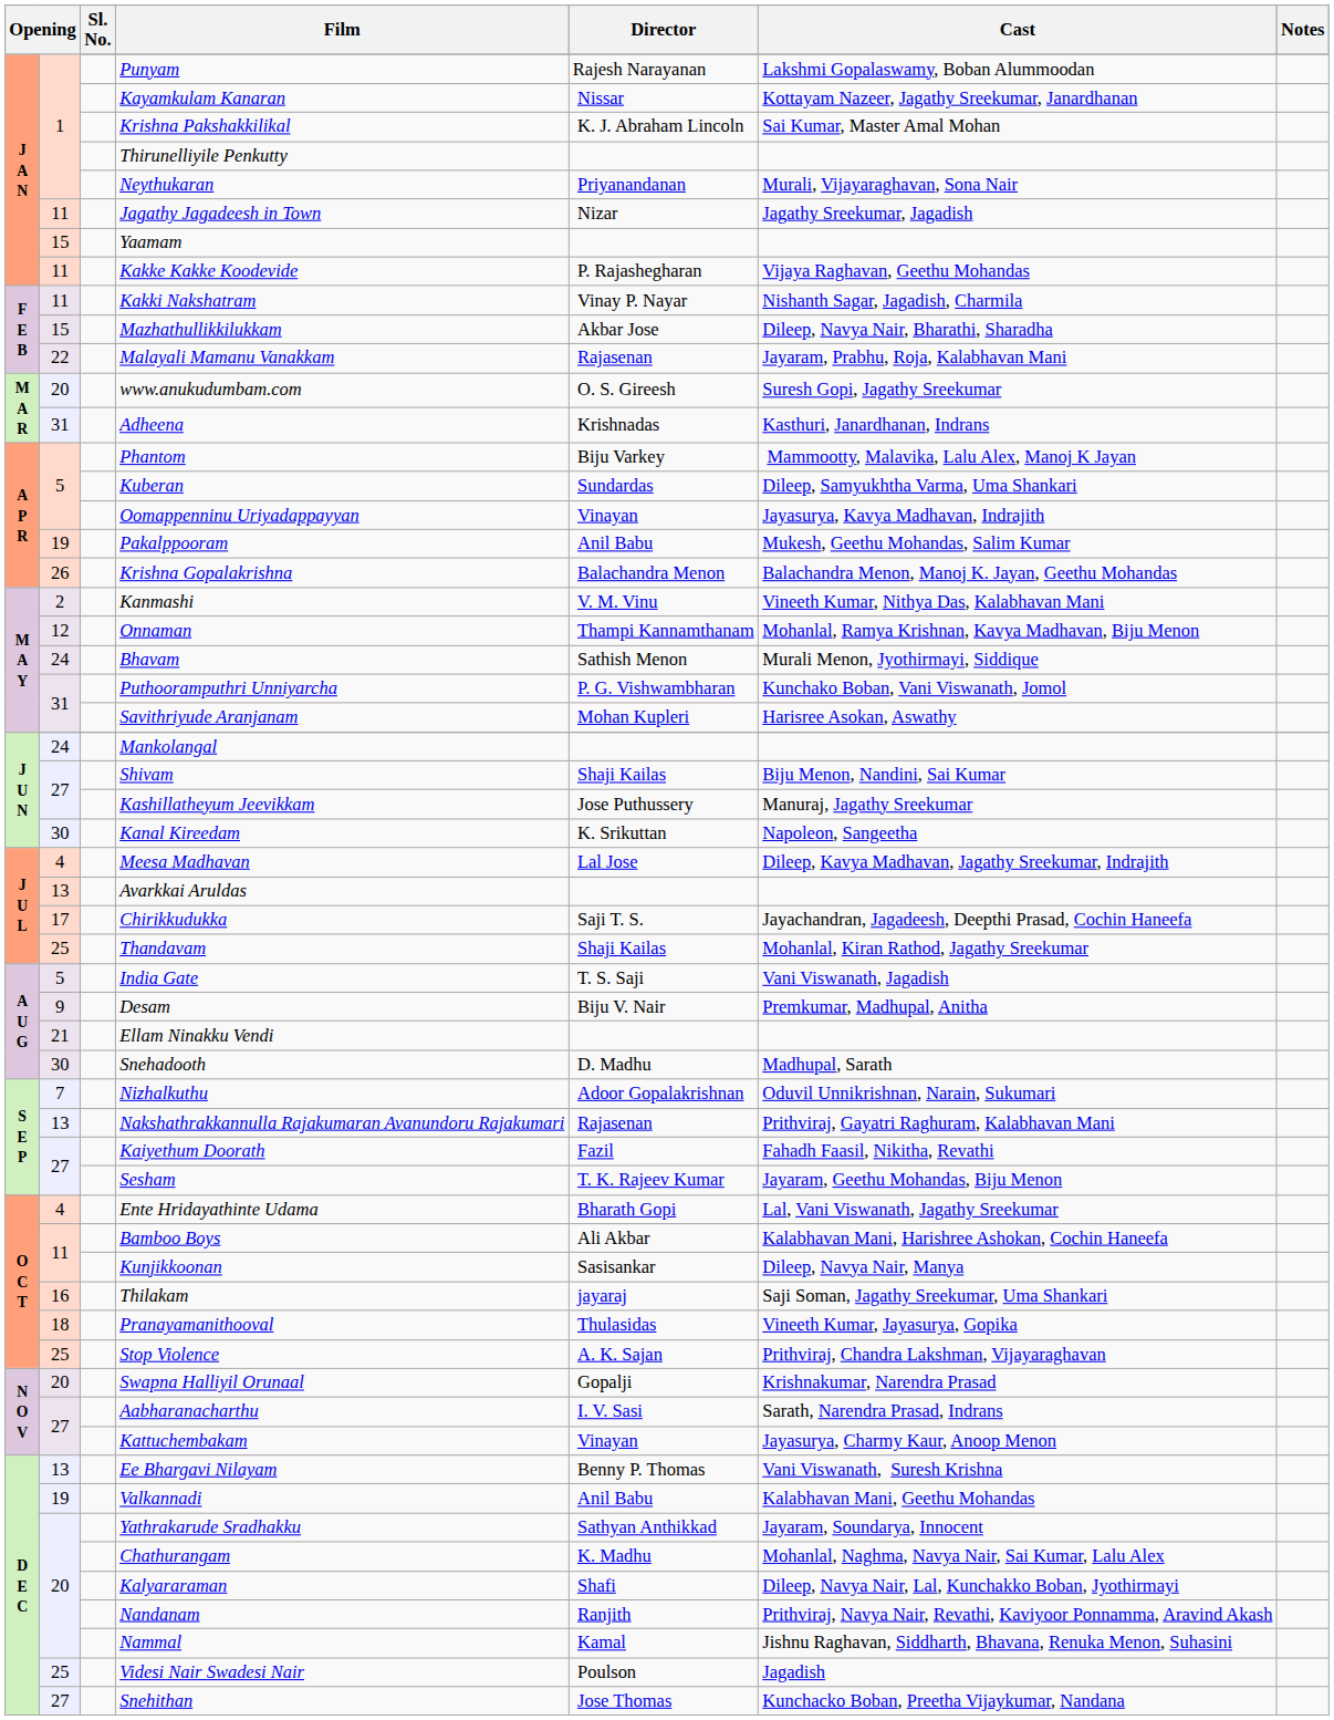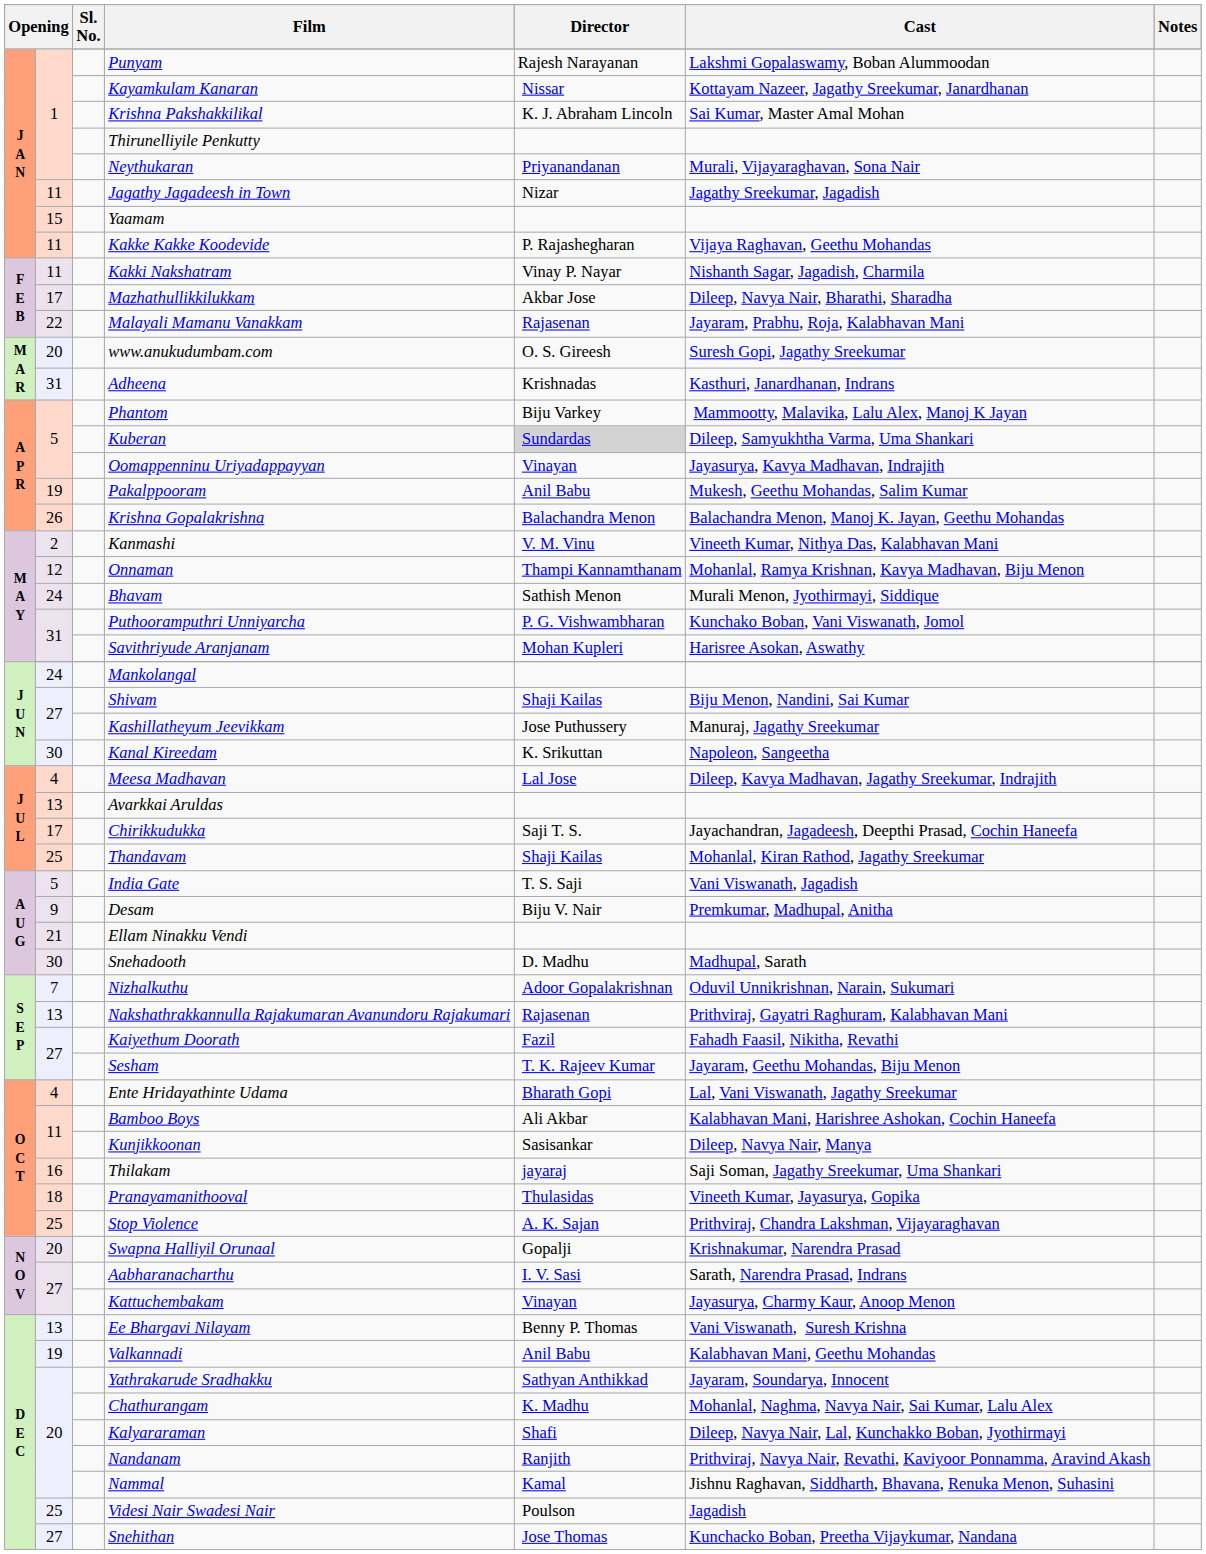 <table class="wikitable">
 <tr style="background:#000;">
 <th colspan='2'>Opening</th>
 <th>Sl.<br>No.</th>
 <th>Film</th>
 <th>Director</th>
 <th>Cast</th>
 <th>Notes</th>
 </tr>
 <tr>
 <td rowspan="8" style="text-align:center; background:#ffa07a; textcolor:#000;"><small><strong>J<br>A<br>N</strong></small></td>
 <td rowspan="5" style="text-align:center; background:#ffdacc; textcolor:#000;">1</td>
 <td valign="center"></td>
 <td><em><a href='#'>Punyam</a></em></td>
 <td>Rajesh Narayanan</td>
 <td><a href='#'>Lakshmi Gopalaswamy</a>, Boban Alummoodan</td>
 <td></td>
 </tr>
 <tr>
 <td valign="center"></td>
 <td><em><a href='#'>Kayamkulam Kanaran</a></em></td>
 <td> <a href='#'>Nissar</a></td>
 <td><a href='#'>Kottayam Nazeer</a>, <a href='#'>Jagathy Sreekumar</a>, <a href='#'>Janardhanan</a></td>
 <td></td>
 </tr>
 <tr>
 <td valign="center"></td>
 <td><em><a href='#'>Krishna Pakshakkilikal</a></em></td>
 <td> K. J. Abraham Lincoln</td>
 <td><a href='#'>Sai Kumar</a>, Master Amal Mohan</td>
 <td></td>
 </tr>
 <tr>
 <td valign="center"></td>
 <td><em>Thirunelliyile Penkutty</em></td>
 <td></td>
 <td></td>
 <td></td>
 </tr>
 <tr>
 <td valign="center"></td>
 <td><em><a href='#'>Neythukaran</a></em></td>
 <td> <a href='#'>Priyanandanan</a></td>
 <td><a href='#'>Murali</a>, <a href='#'>Vijayaraghavan</a>, <a href='#'>Sona Nair</a></td>
 <td></td>
 </tr>
 <tr>
 <td rowspan="1" style="text-align:center; background:#ffdacc; textcolor:#000;">11</td>
 <td valign="center"></td>
 <td><em><a href='#'>Jagathy Jagadeesh in Town</a></em></td>
 <td> Nizar</td>
 <td><a href='#'>Jagathy Sreekumar</a>, <a href='#'>Jagadish</a></td>
 <td></td>
 </tr>
 <tr>
 <td rowspan="1" style="text-align:center; background:#ffdacc; textcolor:#000;">15</td>
 <td valign="center"></td>
 <td><em>Yaamam</em></td>
 <td></td>
 <td></td>
 <td></td>
 </tr>
 <tr>
 <td rowspan="1" style="text-align:center; background:#ffdacc; textcolor:#000;">11</td>
 <td valign="center"></td>
 <td><em><a href='#'>Kakke Kakke Koodevide</a></em></td>
 <td> P. Rajashegharan</td>
 <td><a href='#'>Vijaya Raghavan</a>, <a href='#'>Geethu Mohandas</a></td>
 <td></td>
 </tr>
 <tr>
 <td rowspan="3" style="text-align:center; background:#dcc7df; textcolor:#000;"><small><strong>F<br>E<br>B</strong></small></td>
 <td rowspan="1" style="text-align:center; background:#ede3ef; textcolor:#000;">11</td>
 <td valign="center"></td>
 <td><em><a href='#'>Kakki Nakshatram</a></em></td>
 <td> Vinay P. Nayar</td>
 <td><a href='#'>Nishanth Sagar</a>, <a href='#'>Jagadish</a>, <a href='#'>Charmila</a></td>
 <td></td>
 </tr>
 <tr>
-<td rowspan="1" style="text-align:center; background:#ede3ef; textcolor:#000;">15</td>
+<td rowspan="1" style="text-align:center; background:#ede3ef; textcolor:#000;">17</td>
 <td valign="center"></td>
 <td><em><a href='#'>Mazhathullikkilukkam</a></em></td>
 <td> Akbar Jose</td>
 <td><a href='#'>Dileep</a>, <a href='#'>Navya Nair</a>, <a href='#'>Bharathi</a>, <a href='#'>Sharadha</a></td>
 <td></td>
 </tr>
 <tr>
 <td rowspan="1" style="text-align:center; background:#ede3ef; textcolor:#000;">22</td>
 <td valign="center"></td>
 <td><em><a href='#'>Malayali Mamanu Vanakkam</a></em></td>
 <td> <a href='#'>Rajasenan</a></td>
 <td><a href='#'>Jayaram</a>, <a href='#'>Prabhu</a>, <a href='#'>Roja</a>, <a href='#'>Kalabhavan Mani</a></td>
 <td></td>
 </tr>
 <tr>
 <td rowspan="2" style="text-align:center; background:#d0f0c0; textcolor:#000;"><small><strong>M<br>A<br>R</strong></small></td>
 <td rowspan="1" style="text-align:center; background:#edefff; textcolor:#000;">20</td>
 <td valign="center"></td>
 <td><em>www.anukudumbam.com</em></td>
 <td> O. S. Gireesh</td>
 <td><a href='#'>Suresh Gopi</a>, <a href='#'>Jagathy Sreekumar</a></td>
 <td></td>
 </tr>
 <tr>
 <td rowspan="1" style="text-align:center; background:#edefff; textcolor:#000;">31</td>
 <td valign="center"></td>
 <td><em><a href='#'>Adheena</a></em></td>
 <td> Krishnadas</td>
 <td><a href='#'>Kasthuri</a>, <a href='#'>Janardhanan</a>, <a href='#'>Indrans</a></td>
 <td></td>
 </tr>
 <tr>
 <td rowspan="5" style="text-align:center; background:#ffa07a; textcolor:#000;"><small><strong>A<br>P<br>R</strong></small></td>
 <td rowspan="3" style="text-align:center; background:#ffdacc; textcolor:#000;">5</td>
 <td valign="center"></td>
 <td><em><a href='#'>Phantom</a></em></td>
 <td> Biju Varkey</td>
 <td> <a href='#'>Mammootty</a>, <a href='#'>Malavika</a>, <a href='#'>Lalu Alex</a>, <a href='#'>Manoj K Jayan</a></td>
 <td></td>
 </tr>
 <tr>
 <td valign="center"></td>
 <td><em><a href='#'>Kuberan</a></em></td>
-<td> <a href='#'>Sundardas</a></td>
+<td style="background: lightgrey;"> <a href='#'>Sundardas</a></td>
 <td><a href='#'>Dileep</a>, <a href='#'>Samyukhtha Varma</a>, <a href='#'>Uma Shankari</a></td>
 <td></td>
 </tr>
 <tr>
 <td valign="center"></td>
 <td><em><a href='#'>Oomappenninu Uriyadappayyan</a></em></td>
 <td> <a href='#'>Vinayan</a></td>
 <td><a href='#'>Jayasurya</a>, <a href='#'>Kavya Madhavan</a>, <a href='#'>Indrajith</a></td>
 <td></td>
 </tr>
 <tr>
 <td rowspan="1" style="text-align:center; background:#ffdacc; textcolor:#000;">19</td>
 <td valign="center"></td>
 <td><em><a href='#'>Pakalppooram</a></em></td>
 <td> <a href='#'>Anil Babu</a></td>
 <td><a href='#'>Mukesh</a>, <a href='#'>Geethu Mohandas</a>, <a href='#'>Salim Kumar</a></td>
 <td></td>
 </tr>
 <tr>
 <td rowspan="1" style="text-align:center; background:#ffdacc; textcolor:#000;">26</td>
 <td valign="center"></td>
 <td><em><a href='#'>Krishna Gopalakrishna</a></em></td>
 <td> <a href='#'>Balachandra Menon</a></td>
 <td><a href='#'>Balachandra Menon</a>, <a href='#'>Manoj K. Jayan</a>, <a href='#'>Geethu Mohandas</a></td>
 <td></td>
 </tr>
 <tr>
 <td rowspan="5" style="text-align:center; background:#dcc7df; textcolor:#000;"><small><strong>M<br>A<br>Y</strong></small></td>
 <td rowspan="1" style="text-align:center; background:#ede3ef; textcolor:#000;">2</td>
 <td valign="center"></td>
 <td><em>Kanmashi</em></td>
 <td> <a href='#'>V. M. Vinu</a></td>
 <td><a href='#'>Vineeth Kumar</a>, <a href='#'>Nithya Das</a>, <a href='#'>Kalabhavan Mani</a></td>
 <td></td>
 </tr>
 <tr>
 <td rowspan="1" style="text-align:center; background:#ede3ef; textcolor:#000;">12</td>
 <td valign="center"></td>
 <td><em><a href='#'>Onnaman</a></em></td>
 <td> <a href='#'>Thampi Kannamthanam</a></td>
 <td><a href='#'>Mohanlal</a>, <a href='#'>Ramya Krishnan</a>, <a href='#'>Kavya Madhavan</a>, <a href='#'>Biju Menon</a></td>
 <td></td>
 </tr>
 <tr>
 <td rowspan="1" style="text-align:center; background:#ede3ef; textcolor:#000;">24</td>
 <td valign="center"></td>
 <td><em><a href='#'>Bhavam</a></em></td>
 <td> Sathish Menon</td>
 <td>Murali Menon, <a href='#'>Jyothirmayi</a>, <a href='#'>Siddique</a></td>
 <td></td>
 </tr>
 <tr>
 <td rowspan="2" style="text-align:center; background:#ede3ef; textcolor:#000;">31</td>
 <td valign="center"></td>
 <td><em><a href='#'>Puthooramputhri Unniyarcha</a></em></td>
 <td> <a href='#'>P. G. Vishwambharan</a></td>
 <td><a href='#'>Kunchako Boban</a>, <a href='#'>Vani Viswanath</a>, <a href='#'>Jomol</a></td>
 <td></td>
 </tr>
 <tr>
 <td valign="center"></td>
 <td><em><a href='#'>Savithriyude Aranjanam</a></em></td>
 <td> <a href='#'>Mohan Kupleri</a></td>
 <td><a href='#'>Harisree Asokan</a>, <a href='#'>Aswathy</a></td>
 <td></td>
 </tr>
 <tr>
 <td rowspan="5" style="text-align:center; background:#d0f0c0; textcolor:#000;"><small><strong>J<br>U<br>N</strong></small></td>
 </tr>
 <tr>
 <td rowspan="1" style="text-align:center; background:#edefff; textcolor:#000;">24</td>
 <td valign="center"></td>
 <td><em><a href='#'>Mankolangal</a></em></td>
 <td></td>
 <td></td>
 <td></td>
 </tr>
 <tr>
 <td rowspan="2" style="text-align:center; background:#edefff; textcolor:#000;">27</td>
 <td valign="center"></td>
 <td><em><a href='#'>Shivam</a></em></td>
 <td> <a href='#'>Shaji Kailas</a></td>
 <td><a href='#'>Biju Menon</a>, <a href='#'>Nandini</a>, <a href='#'>Sai Kumar</a></td>
 <td></td>
 </tr>
 <tr>
 <td valign="center"></td>
 <td><em><a href='#'>Kashillatheyum Jeevikkam</a></em></td>
 <td> Jose Puthussery</td>
 <td>Manuraj, <a href='#'>Jagathy Sreekumar</a></td>
 <td></td>
 </tr>
 <tr>
 <td rowspan="1" style="text-align:center; background:#edefff; textcolor:#000;">30</td>
 <td valign="center"></td>
 <td><em><a href='#'>Kanal Kireedam</a></em></td>
 <td> K. Srikuttan</td>
 <td><a href='#'>Napoleon</a>, <a href='#'>Sangeetha</a></td>
 <td></td>
 </tr>
 <tr>
 <td rowspan="4" style="text-align:center; background:#ffa07a; textcolor:#000;"><small><strong>J<br>U<br>L</strong></small></td>
 <td rowspan="1" style="text-align:center; background:#ffdacc; textcolor:#000;">4</td>
 <td valign="center"></td>
 <td><em><a href='#'>Meesa Madhavan</a></em></td>
 <td> <a href='#'>Lal Jose</a></td>
 <td><a href='#'>Dileep</a>, <a href='#'>Kavya Madhavan</a>, <a href='#'>Jagathy Sreekumar</a>, <a href='#'>Indrajith</a></td>
 <td></td>
 </tr>
 <tr>
 <td rowspan="1" style="text-align:center; background:#ffdacc; textcolor:#000;">13</td>
 <td></td>
 <td><em>Avarkkai Aruldas</em></td>
 <td></td>
 <td></td>
 <td></td>
 </tr>
 <tr>
 <td rowspan="1" style="text-align:center; background:#ffdacc; textcolor:#000;">17</td>
 <td valign="center"></td>
 <td><em><a href='#'>Chirikkudukka</a></em></td>
 <td> Saji T. S.</td>
 <td>Jayachandran, <a href='#'>Jagadeesh</a>, Deepthi Prasad, <a href='#'>Cochin Haneefa</a></td>
 <td></td>
 </tr>
 <tr>
 <td rowspan="1" style="text-align:center; background:#ffdacc; textcolor:#000;">25</td>
 <td valign="center"></td>
 <td><em><a href='#'>Thandavam</a></em></td>
 <td> <a href='#'>Shaji Kailas</a></td>
 <td><a href='#'>Mohanlal</a>, <a href='#'>Kiran Rathod</a>, <a href='#'>Jagathy Sreekumar</a></td>
 <td></td>
 </tr>
 <tr>
 <td rowspan="4" style="text-align:center; background:#dcc7df; textcolor:#000;"><small><strong>A<br>U<br>G</strong></small></td>
 <td rowspan="1" style="text-align:center; background:#ede3ef; textcolor:#000;">5</td>
 <td valign="center"></td>
 <td><em><a href='#'>India Gate</a></em></td>
 <td> T. S. Saji</td>
 <td><a href='#'>Vani Viswanath</a>, <a href='#'>Jagadish</a></td>
 <td></td>
 </tr>
 <tr>
 <td rowspan="1" style="text-align:center; background:#ede3ef; textcolor:#000;">9</td>
 <td valign="center"></td>
 <td><em>Desam</em></td>
 <td> Biju V. Nair</td>
 <td><a href='#'>Premkumar</a>, <a href='#'>Madhupal</a>, <a href='#'>Anitha</a></td>
 <td></td>
 </tr>
 <tr>
 <td rowspan="1" style="text-align:center; background:#ede3ef; textcolor:#000;">21</td>
 <td valign="center"></td>
 <td><em>Ellam Ninakku Vendi</em></td>
 <td></td>
 <td></td>
 <td></td>
 </tr>
 <tr>
 <td rowspan="1" style="text-align:center; background:#ede3ef; textcolor:#000;">30</td>
 <td valign="center"></td>
 <td><em>Snehadooth</em></td>
 <td> D. Madhu</td>
 <td><a href='#'>Madhupal</a>, Sarath</td>
 <td></td>
 </tr>
 <tr>
 <td rowspan="4" style="text-align:center; background:#d0f0c0; textcolor:#000;"><small><strong>S<br>E<br>P</strong></small></td>
 <td rowspan="1" style="text-align:center; background:#edefff; textcolor:#000;">7</td>
 <td valign="center"></td>
 <td><em><a href='#'>Nizhalkuthu</a></em></td>
 <td> <a href='#'>Adoor Gopalakrishnan</a></td>
 <td><a href='#'>Oduvil Unnikrishnan</a>, <a href='#'>Narain</a>, <a href='#'>Sukumari</a></td>
 <td></td>
 </tr>
 <tr>
 <td rowspan="1" style="text-align:center; background:#edefff; textcolor:#000;">13</td>
 <td valign="center"></td>
 <td><em><a href='#'>Nakshathrakkannulla Rajakumaran Avanundoru Rajakumari</a></em></td>
 <td> <a href='#'>Rajasenan</a></td>
 <td><a href='#'>Prithviraj</a>, <a href='#'>Gayatri Raghuram</a>, <a href='#'>Kalabhavan Mani</a></td>
 <td></td>
 </tr>
 <tr>
 <td rowspan="2" style="text-align:center; background:#edefff; textcolor:#000;">27</td>
 <td valign="center"></td>
 <td><em><a href='#'>Kaiyethum Doorath</a></em></td>
 <td> <a href='#'>Fazil</a></td>
 <td><a href='#'>Fahadh Faasil</a>, <a href='#'>Nikitha</a>, <a href='#'>Revathi</a></td>
 <td></td>
 </tr>
 <tr>
 <td valign="center"></td>
 <td><em><a href='#'>Sesham</a></em></td>
 <td> <a href='#'>T. K. Rajeev Kumar</a></td>
 <td><a href='#'>Jayaram</a>, <a href='#'>Geethu Mohandas</a>, <a href='#'>Biju Menon</a></td>
 <td></td>
 </tr>
 <tr>
 <td rowspan="6" style="text-align:center; background:#ffa07a; textcolor:#000;"><small><strong>O<br>C<br>T</strong></small></td>
 <td rowspan="1" style="text-align:center; background:#ffdacc; textcolor:#000;">4</td>
 <td valign="center"></td>
 <td><em>Ente Hridayathinte Udama</em></td>
 <td> <a href='#'>Bharath Gopi</a></td>
 <td><a href='#'>Lal</a>, <a href='#'>Vani Viswanath</a>, <a href='#'>Jagathy Sreekumar</a></td>
 <td></td>
 </tr>
 <tr>
 <td rowspan="2" style="text-align:center; background:#ffdacc; textcolor:#000;">11</td>
 <td valign="center"></td>
 <td><em><a href='#'>Bamboo Boys</a></em></td>
 <td> Ali Akbar</td>
 <td><a href='#'>Kalabhavan Mani</a>, <a href='#'>Harishree Ashokan</a>, <a href='#'>Cochin Haneefa</a></td>
 <td></td>
 </tr>
 <tr>
 <td valign="center"></td>
 <td><em><a href='#'>Kunjikkoonan</a></em></td>
 <td> Sasisankar</td>
 <td><a href='#'>Dileep</a>, <a href='#'>Navya Nair</a>, <a href='#'>Manya</a></td>
 <td></td>
 </tr>
 <tr>
 <td rowspan="1" style="text-align:center; background:#ffdacc; textcolor:#000;">16</td>
 <td valign="center"></td>
 <td><em>Thilakam</em></td>
 <td> <a href='#'>jayaraj</a></td>
 <td>Saji Soman, <a href='#'>Jagathy Sreekumar</a>, <a href='#'>Uma Shankari</a></td>
 <td></td>
 </tr>
 <tr>
 <td rowspan="1" style="text-align:center; background:#ffdacc; textcolor:#000;">18</td>
 <td valign="center"></td>
 <td><em><a href='#'>Pranayamanithooval</a></em></td>
 <td> <a href='#'>Thulasidas</a></td>
 <td><a href='#'>Vineeth Kumar</a>, <a href='#'>Jayasurya</a>, <a href='#'>Gopika</a></td>
 <td></td>
 </tr>
 <tr>
 <td rowspan="1" style="text-align:center; background:#ffdacc; textcolor:#000;">25</td>
 <td valign="center"></td>
 <td><em><a href='#'>Stop Violence</a></em></td>
 <td> <a href='#'>A. K. Sajan</a></td>
 <td><a href='#'>Prithviraj</a>, <a href='#'>Chandra Lakshman</a>, <a href='#'>Vijayaraghavan</a></td>
 <td></td>
 </tr>
 <tr>
 <td rowspan="3" style="text-align:center; background:#dcc7df; textcolor:#000;"><small><strong>N<br>O<br>V</strong></small></td>
 <td rowspan="1" style="text-align:center; background:#ede3ef; textcolor:#000;">20</td>
 <td valign="center"></td>
 <td><em><a href='#'>Swapna Halliyil Orunaal</a></em></td>
 <td> Gopalji</td>
 <td><a href='#'>Krishnakumar</a>, <a href='#'>Narendra Prasad</a></td>
 <td></td>
 </tr>
 <tr>
 <td rowspan="2" style="text-align:center; background:#ede3ef; textcolor:#000;">27</td>
 <td valign="center"></td>
 <td><em><a href='#'>Aabharanacharthu</a></em></td>
 <td> <a href='#'>I. V. Sasi</a></td>
 <td>Sarath, <a href='#'>Narendra Prasad</a>, <a href='#'>Indrans</a></td>
 <td></td>
 </tr>
 <tr>
 <td valign="center"></td>
 <td><em><a href='#'>Kattuchembakam</a></em></td>
 <td> <a href='#'>Vinayan</a></td>
 <td><a href='#'>Jayasurya</a>, <a href='#'>Charmy Kaur</a>, <a href='#'>Anoop Menon</a></td>
 <td></td>
 </tr>
 <tr>
 <td rowspan="9" style="text-align:center; background:#d0f0c0; textcolor:#000;"><small><strong>D<br>E<br>C</strong></small></td>
 <td rowspan="1" style="text-align:center; background:#edefff; textcolor:#000;">13</td>
 <td valign="center"></td>
 <td><em><a href='#'>Ee Bhargavi Nilayam</a></em></td>
 <td> Benny P. Thomas</td>
 <td><a href='#'>Vani Viswanath</a>,  <a href='#'>Suresh Krishna</a></td>
 <td></td>
 </tr>
 <tr>
 <td rowspan="1" style="text-align:center; background:#edefff; textcolor:#000;">19</td>
 <td valign="center"></td>
 <td><em><a href='#'>Valkannadi</a></em></td>
 <td> <a href='#'>Anil Babu</a></td>
 <td><a href='#'>Kalabhavan Mani</a>, <a href='#'>Geethu Mohandas</a></td>
 <td></td>
 </tr>
 <tr>
 <td rowspan="5" style="text-align:center; background:#edefff; textcolor:#000;">20</td>
 <td valign="center"></td>
 <td><em><a href='#'>Yathrakarude Sradhakku</a></em></td>
 <td> <a href='#'>Sathyan Anthikkad</a></td>
 <td><a href='#'>Jayaram</a>, <a href='#'>Soundarya</a>, <a href='#'>Innocent</a></td>
 <td></td>
 </tr>
 <tr>
 <td valign="center"></td>
 <td><em><a href='#'>Chathurangam</a></em></td>
 <td> <a href='#'>K. Madhu</a></td>
 <td><a href='#'>Mohanlal</a>, <a href='#'>Naghma</a>, <a href='#'>Navya Nair</a>, <a href='#'>Sai Kumar</a>, <a href='#'>Lalu Alex</a></td>
 <td></td>
 </tr>
 <tr>
 <td valign="center"></td>
 <td><em><a href='#'>Kalyararaman</a></em></td>
 <td> <a href='#'>Shafi</a></td>
 <td><a href='#'>Dileep</a>, <a href='#'>Navya Nair</a>, <a href='#'>Lal</a>, <a href='#'>Kunchakko Boban</a>, <a href='#'>Jyothirmayi</a></td>
 <td></td>
 </tr>
 <tr>
 <td valign="center"></td>
 <td><em><a href='#'>Nandanam</a></em></td>
 <td> <a href='#'>Ranjith</a></td>
 <td><a href='#'>Prithviraj</a>, <a href='#'>Navya Nair</a>, <a href='#'>Revathi</a>, <a href='#'>Kaviyoor Ponnamma</a>, <a href='#'>Aravind Akash</a></td>
 <td></td>
 </tr>
 <tr>
 <td valign="center"></td>
 <td><em><a href='#'>Nammal</a></em></td>
 <td> <a href='#'>Kamal</a></td>
 <td>Jishnu Raghavan, <a href='#'>Siddharth</a>, <a href='#'>Bhavana</a>, <a href='#'>Renuka Menon</a>, <a href='#'>Suhasini</a></td>
 <td></td>
 </tr>
 <tr>
 <td rowspan="1" style="text-align:center; background:#edefff; textcolor:#000;">25</td>
 <td valign="center"></td>
 <td><em><a href='#'>Videsi Nair Swadesi Nair</a></em></td>
 <td> Poulson</td>
 <td><a href='#'>Jagadish</a></td>
 <td></td>
 </tr>
 <tr>
 <td rowspan="1" style="text-align:center; background:#edefff; textcolor:#000;">27</td>
 <td valign="center"></td>
 <td><em><a href='#'>Snehithan</a></em></td>
 <td> <a href='#'>Jose Thomas</a></td>
 <td><a href='#'>Kunchacko Boban</a>, <a href='#'>Preetha Vijaykumar</a>, <a href='#'>Nandana</a></td>
 </tr>
 </table>
